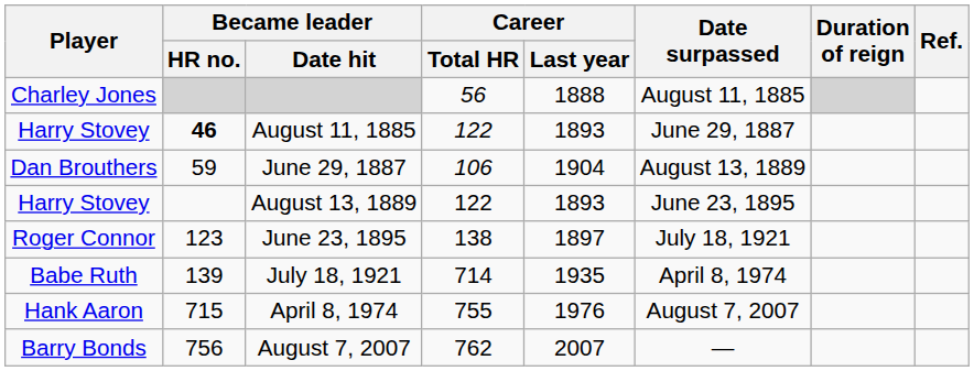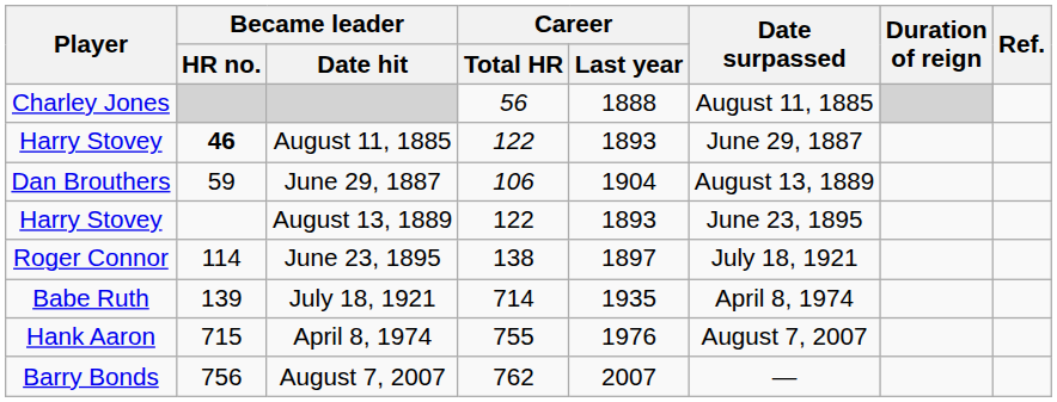 <table class="wikitable" style="text-align:center;">
 <tr>
 <th rowspan=2>Player</th>
 <th colspan=2>Became leader</th>
 <th colspan=2>Career</th>
 <th rowspan=2>Date<br>surpassed</th>
 <th rowspan=2>Duration<br>of reign</th>
 <th rowspan=2>Ref.</th>
 </tr>
 <tr>
 <th>HR no.</th>
 <th>Date hit</th>
 <th>Total HR</th>
 <th>Last year</th>
 </tr>
 <tr>
 <td><a href='#'>Charley Jones</a></td>
 <td bgcolor=lightgrey> </td>
 <td bgcolor=lightgrey> </td>
 <td><em>56</em></td>
 <td>1888</td>
 <td>August 11, 1885</td>
 <td bgcolor=lightgrey> </td>
 <td></td>
 </tr>
 <tr>
 <td><a href='#'>Harry Stovey</a></td>
 <td><strong>46</strong></td>
 <td>August 11, 1885</td>
 <td><em>122</em></td>
 <td>1893</td>
 <td>June 29, 1887</td>
 <td></td>
 <td></td>
 </tr>
 <tr>
 <td><a href='#'>Dan Brouthers</a></td>
 <td>59</td>
 <td>June 29, 1887</td>
 <td><em>106</em></td>
 <td>1904</td>
 <td>August 13, 1889</td>
 <td></td>
 <td></td>
 </tr>
 <tr>
 <td><a href='#'>Harry Stovey</a></td>
 <td></td>
 <td>August 13, 1889</td>
 <td>122</td>
 <td>1893</td>
 <td>June 23, 1895</td>
 <td></td>
 <td></td>
 </tr>
 <tr>
 <td><a href='#'>Roger Connor</a></td>
-<td>123</td>
+<td>114</td>
 <td>June 23, 1895</td>
 <td>138</td>
 <td>1897</td>
 <td>July 18, 1921</td>
 <td></td>
 <td></td>
 </tr>
 <tr>
 <td><a href='#'>Babe Ruth</a></td>
 <td>139</td>
 <td>July 18, 1921</td>
 <td>714</td>
 <td>1935</td>
 <td>April 8, 1974</td>
 <td></td>
 <td></td>
 </tr>
 <tr>
 <td><a href='#'>Hank Aaron</a></td>
 <td>715</td>
 <td>April 8, 1974</td>
 <td>755</td>
 <td>1976</td>
 <td>August 7, 2007</td>
 <td></td>
 <td></td>
 </tr>
 <tr>
 <td><a href='#'>Barry Bonds</a></td>
 <td>756</td>
 <td>August 7, 2007</td>
 <td>762</td>
 <td>2007</td>
 <td>—</td>
 <td></td>
 <td></td>
 </tr>
 </table>
